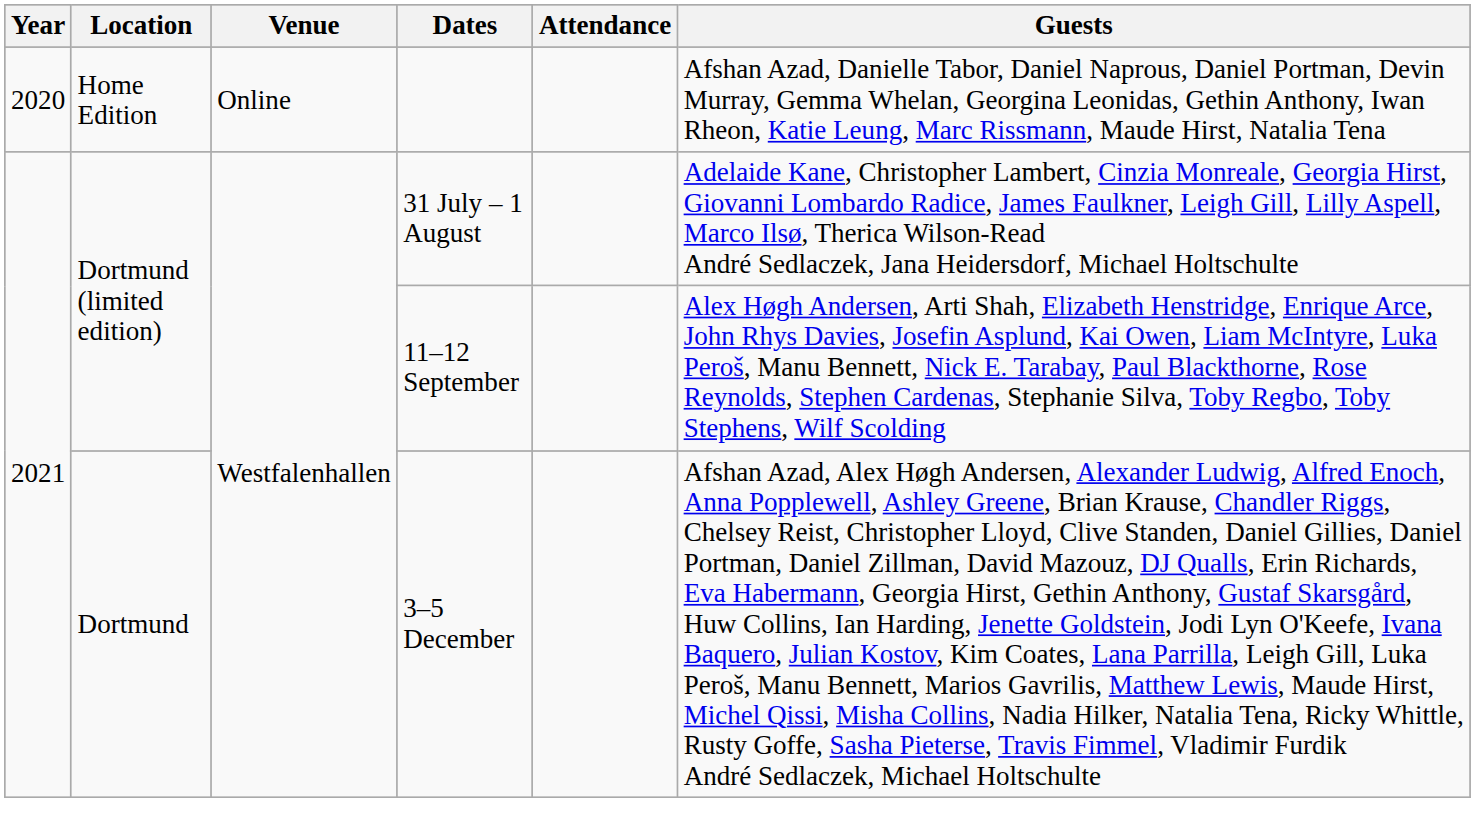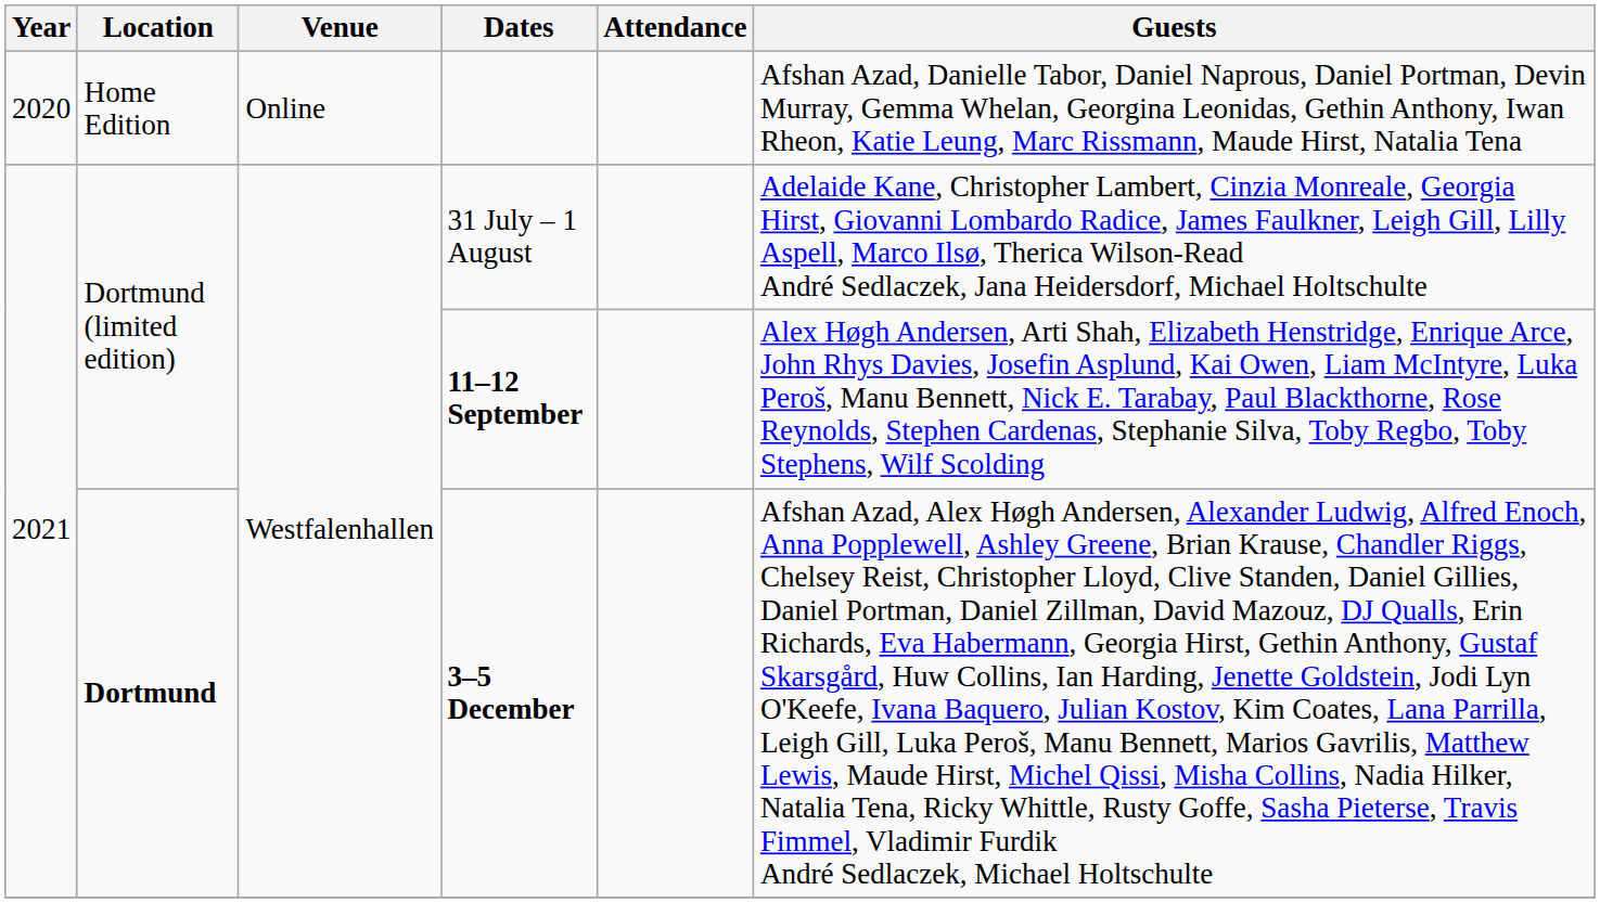 <table class="wikitable sortable">
 <tr>
 <th>Year</th>
 <th>Location</th>
 <th>Venue</th>
 <th>Dates</th>
 <th>Attendance</th>
 <th>Guests</th>
 </tr>
 <tr>
 <td>2020</td>
 <td>Home Edition</td>
 <td>Online</td>
 <td></td>
 <td></td>
 <td>Afshan Azad, Danielle Tabor, Daniel Naprous, Daniel Portman, Devin Murray, Gemma Whelan, Georgina Leonidas, Gethin Anthony, Iwan Rheon, <a href='#'>Katie Leung</a>, <a href='#'>Marc Rissmann</a>, Maude Hirst, Natalia Tena</td>
 </tr>
 <tr>
 <td rowspan="3">2021</td>
 <td rowspan="2">Dortmund (limited edition)</td>
 <td rowspan="3">Westfalenhallen</td>
 <td>31 July – 1 August</td>
 <td></td>
 <td><a href='#'>Adelaide Kane</a>, Christopher Lambert, <a href='#'>Cinzia Monreale</a>, <a href='#'>Georgia Hirst</a>, <a href='#'>Giovanni Lombardo Radice</a>, <a href='#'>James Faulkner</a>, <a href='#'>Leigh Gill</a>, <a href='#'>Lilly Aspell</a>, <a href='#'>Marco Ilsø</a>, Therica Wilson-Read<br>André Sedlaczek, Jana Heidersdorf, Michael Holtschulte</td>
 </tr>
 <tr>
-<td>11–12 September</td>
+<td><strong>11–12 September</strong></td>
 <td></td>
 <td><a href='#'>Alex Høgh Andersen</a>, Arti Shah, <a href='#'>Elizabeth Henstridge</a>, <a href='#'>Enrique Arce</a>, <a href='#'>John Rhys Davies</a>, <a href='#'>Josefin Asplund</a>, <a href='#'>Kai Owen</a>, <a href='#'>Liam McIntyre</a>, <a href='#'>Luka Peroš</a>, Manu Bennett, <a href='#'>Nick E. Tarabay</a>, <a href='#'>Paul Blackthorne</a>, <a href='#'>Rose Reynolds</a>, <a href='#'>Stephen Cardenas</a>, Stephanie Silva, <a href='#'>Toby Regbo</a>, <a href='#'>Toby Stephens</a>, <a href='#'>Wilf Scolding</a></td>
 </tr>
 <tr>
-<td>Dortmund</td>
-<td>3–5 December</td>
+<td><strong>Dortmund</strong></td>
+<td><strong>3–5 December</strong></td>
 <td></td>
 <td>Afshan Azad, Alex Høgh Andersen, <a href='#'>Alexander Ludwig</a>, <a href='#'>Alfred Enoch</a>, <a href='#'>Anna Popplewell</a>, <a href='#'>Ashley Greene</a>, Brian Krause, <a href='#'>Chandler Riggs</a>, Chelsey Reist, Christopher Lloyd, Clive Standen, Daniel Gillies, Daniel Portman, Daniel Zillman, David Mazouz, <a href='#'>DJ Qualls</a>, Erin Richards, <a href='#'>Eva Habermann</a>, Georgia Hirst, Gethin Anthony, <a href='#'>Gustaf Skarsgård</a>, Huw Collins, Ian Harding, <a href='#'>Jenette Goldstein</a>, Jodi Lyn O'Keefe, <a href='#'>Ivana Baquero</a>, <a href='#'>Julian Kostov</a>, Kim Coates, <a href='#'>Lana Parrilla</a>, Leigh Gill, Luka Peroš, Manu Bennett, Marios Gavrilis, <a href='#'>Matthew Lewis</a>, Maude Hirst, <a href='#'>Michel Qissi</a>, <a href='#'>Misha Collins</a>, Nadia Hilker, Natalia Tena, Ricky Whittle, Rusty Goffe, <a href='#'>Sasha Pieterse</a>, <a href='#'>Travis Fimmel</a>, Vladimir Furdik<br>André Sedlaczek, Michael Holtschulte</td>
 </tr>
 <tr>
 </tr>
 </table>
